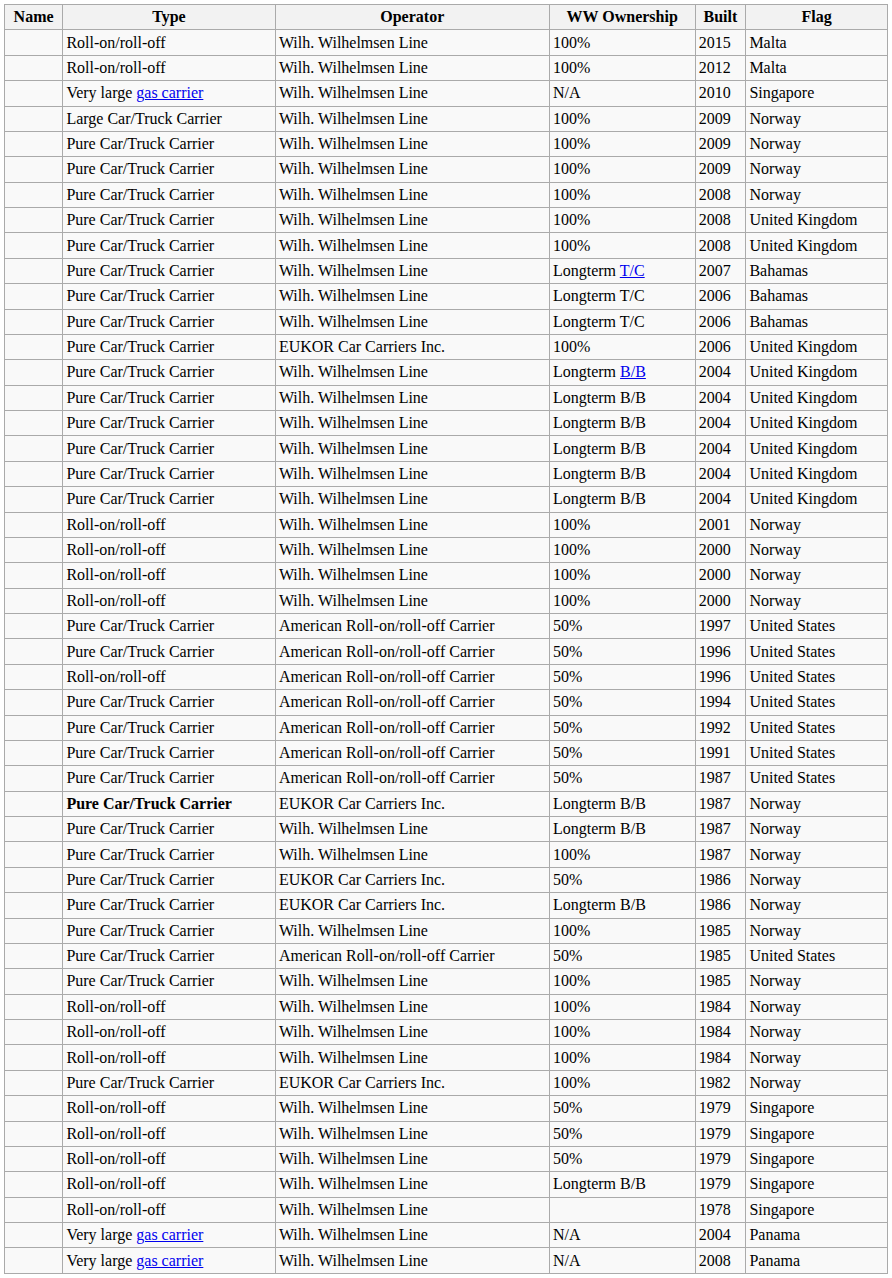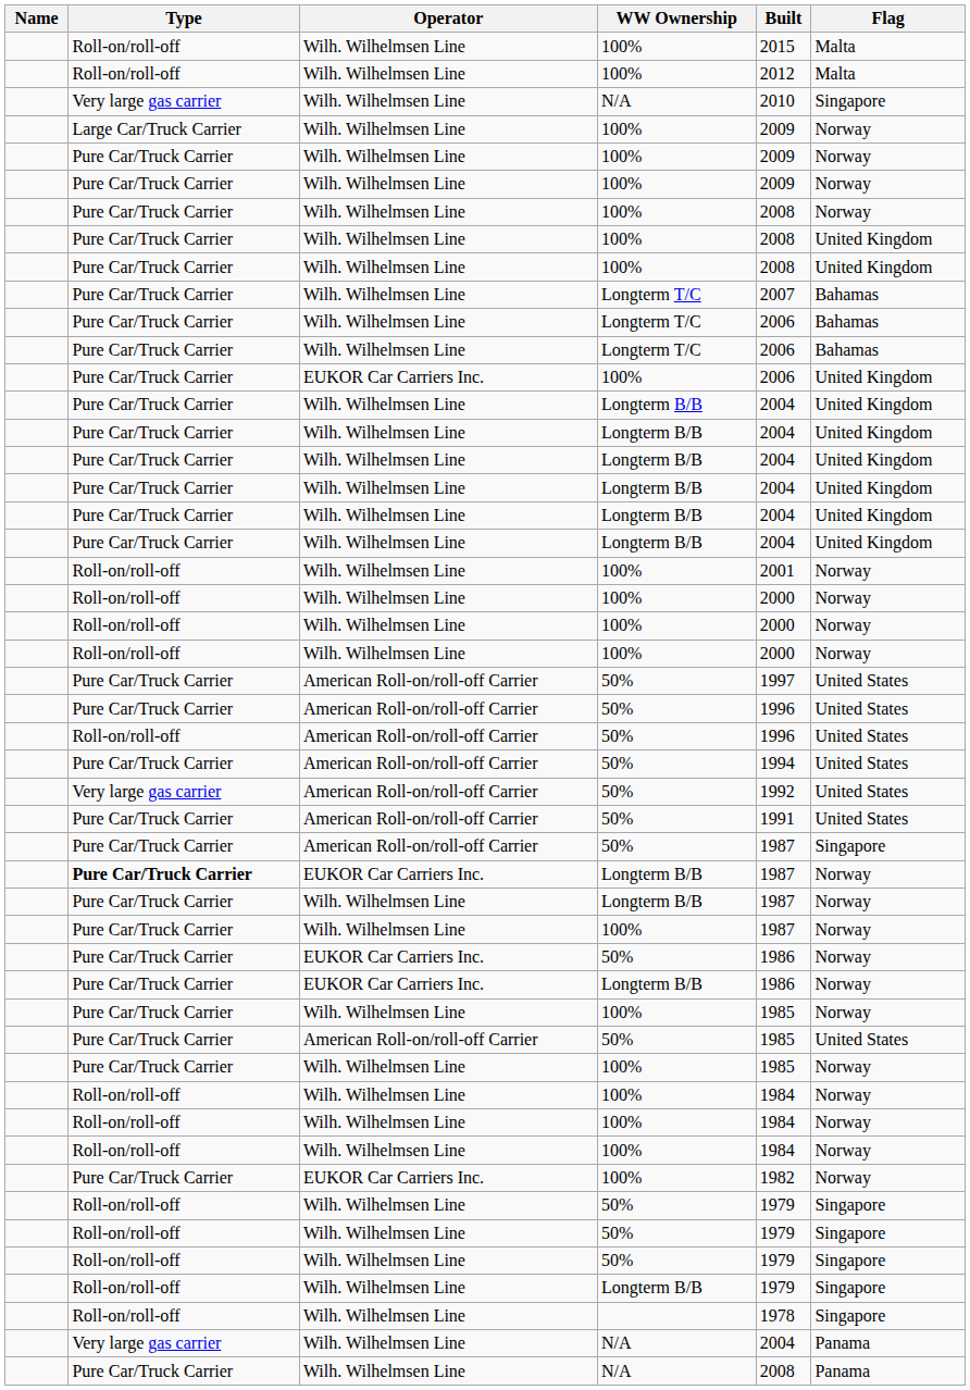 <table class="wikitable sortable" style="width:100%">
 <tr>
 </tr>
 <tr>
 <th>Name</th>
 <th>Type</th>
 <th>Operator</th>
 <th>WW Ownership</th>
 <th>Built</th>
 <th>Flag</th>
 </tr>
 <tr>
 <td></td>
 <td>Roll-on/roll-off</td>
 <td>Wilh. Wilhelmsen Line</td>
 <td>100%</td>
 <td>2015</td>
 <td>Malta</td>
 </tr>
 <tr>
 <td></td>
 <td>Roll-on/roll-off</td>
 <td>Wilh. Wilhelmsen Line</td>
 <td>100%</td>
 <td>2012</td>
 <td>Malta</td>
 </tr>
 <tr>
 <td></td>
 <td>Very large <a href='#'>gas carrier</a></td>
 <td>Wilh. Wilhelmsen Line</td>
 <td>N/A</td>
 <td>2010</td>
 <td>Singapore</td>
 </tr>
 <tr>
 <td></td>
 <td>Large Car/Truck Carrier</td>
 <td>Wilh. Wilhelmsen Line</td>
 <td>100%</td>
 <td>2009</td>
 <td>Norway</td>
 </tr>
 <tr>
 <td></td>
 <td>Pure Car/Truck Carrier</td>
 <td>Wilh. Wilhelmsen Line</td>
 <td>100%</td>
 <td>2009</td>
 <td>Norway</td>
 </tr>
 <tr>
 <td></td>
 <td>Pure Car/Truck Carrier</td>
 <td>Wilh. Wilhelmsen Line</td>
 <td>100%</td>
 <td>2009</td>
 <td>Norway</td>
 </tr>
 <tr>
 <td></td>
 <td>Pure Car/Truck Carrier</td>
 <td>Wilh. Wilhelmsen Line</td>
 <td>100%</td>
 <td>2008</td>
 <td>Norway</td>
 </tr>
 <tr>
 <td></td>
 <td>Pure Car/Truck Carrier</td>
 <td>Wilh. Wilhelmsen Line</td>
 <td>100%</td>
 <td>2008</td>
 <td>United Kingdom</td>
 </tr>
 <tr>
 <td></td>
 <td>Pure Car/Truck Carrier</td>
 <td>Wilh. Wilhelmsen Line</td>
 <td>100%</td>
 <td>2008</td>
 <td>United Kingdom</td>
 </tr>
 <tr>
 <td></td>
 <td>Pure Car/Truck Carrier</td>
 <td>Wilh. Wilhelmsen Line</td>
 <td>Longterm <a href='#'>T/C</a></td>
 <td>2007</td>
 <td>Bahamas</td>
 </tr>
 <tr>
 <td></td>
 <td>Pure Car/Truck Carrier</td>
 <td>Wilh. Wilhelmsen Line</td>
 <td>Longterm T/C</td>
 <td>2006</td>
 <td>Bahamas</td>
 </tr>
 <tr>
 <td></td>
 <td>Pure Car/Truck Carrier</td>
 <td>Wilh. Wilhelmsen Line</td>
 <td>Longterm T/C</td>
 <td>2006</td>
 <td>Bahamas</td>
 </tr>
 <tr>
 <td></td>
 <td>Pure Car/Truck Carrier</td>
 <td>EUKOR Car Carriers Inc.</td>
 <td>100%</td>
 <td>2006</td>
 <td>United Kingdom</td>
 </tr>
 <tr>
 <td></td>
 <td>Pure Car/Truck Carrier</td>
 <td>Wilh. Wilhelmsen Line</td>
 <td>Longterm <a href='#'>B/B</a></td>
 <td>2004</td>
 <td>United Kingdom</td>
 </tr>
 <tr>
 <td></td>
 <td>Pure Car/Truck Carrier</td>
 <td>Wilh. Wilhelmsen Line</td>
 <td>Longterm B/B</td>
 <td>2004</td>
 <td>United Kingdom</td>
 </tr>
 <tr>
 <td></td>
 <td>Pure Car/Truck Carrier</td>
 <td>Wilh. Wilhelmsen Line</td>
 <td>Longterm B/B</td>
 <td>2004</td>
 <td>United Kingdom</td>
 </tr>
 <tr>
 <td></td>
 <td>Pure Car/Truck Carrier</td>
 <td>Wilh. Wilhelmsen Line</td>
 <td>Longterm B/B</td>
 <td>2004</td>
 <td>United Kingdom</td>
 </tr>
 <tr>
 <td></td>
 <td>Pure Car/Truck Carrier</td>
 <td>Wilh. Wilhelmsen Line</td>
 <td>Longterm B/B</td>
 <td>2004</td>
 <td>United Kingdom</td>
 </tr>
 <tr>
 <td></td>
 <td>Pure Car/Truck Carrier</td>
 <td>Wilh. Wilhelmsen Line</td>
 <td>Longterm B/B</td>
 <td>2004</td>
 <td>United Kingdom</td>
 </tr>
 <tr>
 <td></td>
 <td>Roll-on/roll-off</td>
 <td>Wilh. Wilhelmsen Line</td>
 <td>100%</td>
 <td>2001</td>
 <td>Norway</td>
 </tr>
 <tr>
 <td></td>
 <td>Roll-on/roll-off</td>
 <td>Wilh. Wilhelmsen Line</td>
 <td>100%</td>
 <td>2000</td>
 <td>Norway</td>
 </tr>
 <tr>
 <td></td>
 <td>Roll-on/roll-off</td>
 <td>Wilh. Wilhelmsen Line</td>
 <td>100%</td>
 <td>2000</td>
 <td>Norway</td>
 </tr>
 <tr>
 <td></td>
 <td>Roll-on/roll-off</td>
 <td>Wilh. Wilhelmsen Line</td>
 <td>100%</td>
 <td>2000</td>
 <td>Norway</td>
 </tr>
 <tr>
 <td></td>
 <td>Pure Car/Truck Carrier</td>
 <td>American Roll-on/roll-off Carrier</td>
 <td>50%</td>
 <td>1997</td>
 <td>United States</td>
 </tr>
 <tr>
 <td></td>
 <td>Pure Car/Truck Carrier</td>
 <td>American Roll-on/roll-off Carrier</td>
 <td>50%</td>
 <td>1996</td>
 <td>United States</td>
 </tr>
 <tr>
 <td></td>
 <td>Roll-on/roll-off</td>
 <td>American Roll-on/roll-off Carrier</td>
 <td>50%</td>
 <td>1996</td>
 <td>United States</td>
 </tr>
 <tr>
 <td></td>
 <td>Pure Car/Truck Carrier</td>
 <td>American Roll-on/roll-off Carrier</td>
 <td>50%</td>
 <td>1994</td>
 <td>United States</td>
 </tr>
 <tr>
 <td></td>
-<td>Pure Car/Truck Carrier</td>
+<td>Very large <a href='#'>gas carrier</a></td>
 <td>American Roll-on/roll-off Carrier</td>
 <td>50%</td>
 <td>1992</td>
 <td>United States</td>
 </tr>
 <tr>
 <td></td>
 <td>Pure Car/Truck Carrier</td>
 <td>American Roll-on/roll-off Carrier</td>
 <td>50%</td>
 <td>1991</td>
 <td>United States</td>
 </tr>
 <tr>
 <td></td>
 <td>Pure Car/Truck Carrier</td>
 <td>American Roll-on/roll-off Carrier</td>
 <td>50%</td>
 <td>1987</td>
-<td>United States</td>
+<td>Singapore</td>
 </tr>
 <tr>
 <td></td>
 <td><strong>Pure Car/Truck Carrier</strong></td>
 <td>EUKOR Car Carriers Inc.</td>
 <td>Longterm B/B</td>
 <td>1987</td>
 <td>Norway</td>
 </tr>
 <tr>
 <td></td>
 <td>Pure Car/Truck Carrier</td>
 <td>Wilh. Wilhelmsen Line</td>
 <td>Longterm B/B</td>
 <td>1987</td>
 <td>Norway</td>
 </tr>
 <tr>
 <td></td>
 <td>Pure Car/Truck Carrier</td>
 <td>Wilh. Wilhelmsen Line</td>
 <td>100%</td>
 <td>1987</td>
 <td>Norway</td>
 </tr>
 <tr>
 <td></td>
 <td>Pure Car/Truck Carrier</td>
 <td>EUKOR Car Carriers Inc.</td>
 <td>50%</td>
 <td>1986</td>
 <td>Norway</td>
 </tr>
 <tr>
 <td></td>
 <td>Pure Car/Truck Carrier</td>
 <td>EUKOR Car Carriers Inc.</td>
 <td>Longterm B/B</td>
 <td>1986</td>
 <td>Norway</td>
 </tr>
 <tr>
 <td></td>
 <td>Pure Car/Truck Carrier</td>
 <td>Wilh. Wilhelmsen Line</td>
 <td>100%</td>
 <td>1985</td>
 <td>Norway</td>
 </tr>
 <tr>
 <td></td>
 <td>Pure Car/Truck Carrier</td>
 <td>American Roll-on/roll-off Carrier</td>
 <td>50%</td>
 <td>1985</td>
 <td>United States</td>
 </tr>
 <tr>
 <td></td>
 <td>Pure Car/Truck Carrier</td>
 <td>Wilh. Wilhelmsen Line</td>
 <td>100%</td>
 <td>1985</td>
 <td>Norway</td>
 </tr>
 <tr>
 <td></td>
 <td>Roll-on/roll-off</td>
 <td>Wilh. Wilhelmsen Line</td>
 <td>100%</td>
 <td>1984</td>
 <td>Norway</td>
 </tr>
 <tr>
 <td></td>
 <td>Roll-on/roll-off</td>
 <td>Wilh. Wilhelmsen Line</td>
 <td>100%</td>
 <td>1984</td>
 <td>Norway</td>
 </tr>
 <tr>
 <td></td>
 <td>Roll-on/roll-off</td>
 <td>Wilh. Wilhelmsen Line</td>
 <td>100%</td>
 <td>1984</td>
 <td>Norway</td>
 </tr>
 <tr>
 <td></td>
 <td>Pure Car/Truck Carrier</td>
 <td>EUKOR Car Carriers Inc.</td>
 <td>100%</td>
 <td>1982</td>
 <td>Norway</td>
 </tr>
 <tr>
 <td></td>
 <td>Roll-on/roll-off</td>
 <td>Wilh. Wilhelmsen Line</td>
 <td>50%</td>
 <td>1979</td>
 <td>Singapore</td>
 </tr>
 <tr>
 <td></td>
 <td>Roll-on/roll-off</td>
 <td>Wilh. Wilhelmsen Line</td>
 <td>50%</td>
 <td>1979</td>
 <td>Singapore</td>
 </tr>
 <tr>
 <td></td>
 <td>Roll-on/roll-off</td>
 <td>Wilh. Wilhelmsen Line</td>
 <td>50%</td>
 <td>1979</td>
 <td>Singapore</td>
 </tr>
 <tr>
 <td></td>
 <td>Roll-on/roll-off</td>
 <td>Wilh. Wilhelmsen Line</td>
 <td>Longterm B/B</td>
 <td>1979</td>
 <td>Singapore</td>
 </tr>
 <tr>
 <td></td>
 <td>Roll-on/roll-off</td>
 <td>Wilh. Wilhelmsen Line</td>
 <td></td>
 <td>1978</td>
 <td>Singapore</td>
 </tr>
 <tr>
 <td></td>
 <td>Very large <a href='#'>gas carrier</a></td>
 <td>Wilh. Wilhelmsen Line</td>
 <td>N/A</td>
 <td>2004</td>
 <td>Panama</td>
 </tr>
 <tr>
 <td></td>
-<td>Very large <a href='#'>gas carrier</a></td>
+<td>Pure Car/Truck Carrier</td>
 <td>Wilh. Wilhelmsen Line</td>
 <td>N/A</td>
 <td>2008</td>
 <td>Panama</td>
 </tr>
 <tr>
 </tr>
 </table>
